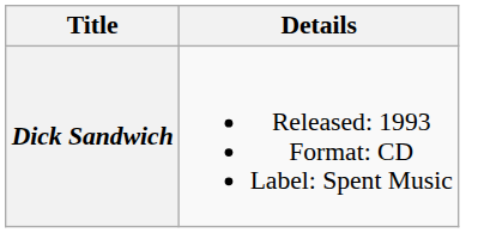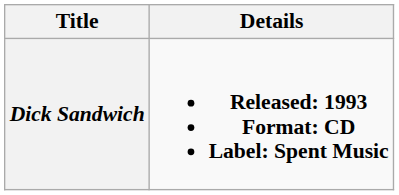 <table class="wikitable plainrowheaders" style="text-align:center;" border="1">
 <tr>
 <th>Title</th>
 <th>Details</th>
 </tr>
 <tr>
 <th scope="row"><em>Dick Sandwich</em></th>
-<td><br><ul><li>Released: 1993</li><li>Format: CD</li><li>Label: Spent Music</li></ul></td>
+<td><strong><br><ul><li>Released: 1993</li><li>Format: CD</li><li>Label: Spent Music</li></ul></strong></td>
 </tr>
 </table>
